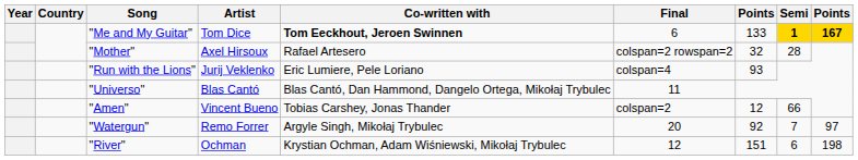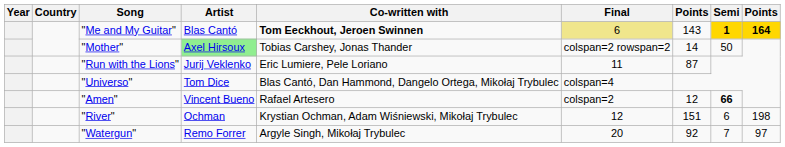 <table class="sortable wikitable plainrowheaders">
 <tr>
 <th scope="col">Year</th>
 <th scope="col">Country</th>
 <th scope="col">Song</th>
 <th scope="col">Artist</th>
 <th scope="col">Co-written with</th>
 <th scope="col">Final</th>
 <th scope="col">Points</th>
 <th scope="col">Semi</th>
 <th scope="col">Points</th>
 </tr>
 <tr>
 <th scope="row" style="text-align:center;"></th>
 <td rowspan=2></td>
 <td>"<a href='#'>Me and My Guitar</a>"</td>
-<td><a href='#'>Tom Dice</a></td>
+<td><a href='#'>Blas Cantó</a></td>
 <td><strong>Tom Eeckhout, Jeroen Swinnen</strong></td>
-<td align=center>6</td>
-<td align=center>133</td>
+<td align=center style="background: khaki;">6</td>
+<td align=center>143</td>
 <th scope="row" style="text-align:center; background:gold; align=center">1</th>
-<th scope="row" style="text-align:center; background:gold; align=center">167</th>
+<th scope="row" style="text-align:center; background:gold; align=center">164</th>
 </tr>
 <tr>
 <th scope="row" style="text-align:center;"></th>
 <td>"<a href='#'>Mother</a>"</td>
-<td><a href='#'>Axel Hirsoux</a></td>
-<td>Rafael Artesero</td>
+<td style="background: lightgreen;"><a href='#'>Axel Hirsoux</a></td>
+<td>Tobias Carshey, Jonas Thander</td>
 <td>colspan=2 rowspan=2 </td>
-<td align=center>32</td>
-<td align=center>28</td>
+<td align=center>14</td>
+<td align=center>50</td>
 </tr>
 <tr>
 <th scope="row" style="text-align:center;"></th>
 <td></td>
 <td>"<a href='#'>Run with the Lions</a>"</td>
 <td><a href='#'>Jurij Veklenko</a></td>
 <td>Eric Lumiere, Pele Loriano</td>
-<td>colspan=4 </td>
-<td align=center>93</td>
+<td align=center>11</td>
+<td align=center>87</td>
 </tr>
 <tr>
 <th scope="row" style="text-align:center;"></th>
 <td></td>
 <td>"<a href='#'>Universo</a>"</td>
-<td><a href='#'>Blas Cantó</a></td>
+<td><a href='#'>Tom Dice</a></td>
 <td>Blas Cantó, Dan Hammond, Dangelo Ortega, Mikołaj Trybulec</td>
-<td align=center>11</td>
+<td>colspan=4 </td>
 </tr>
 <tr>
 <th scope="row" style="text-align:center;"></th>
 <td></td>
 <td>"<a href='#'>Amen</a>"</td>
 <td><a href='#'>Vincent Bueno</a></td>
-<td>Tobias Carshey, Jonas Thander</td>
+<td>Rafael Artesero</td>
 <td>colspan=2 </td>
 <td align=center>12</td>
-<td align=center>66</td>
+<td align=center><strong>66</strong></td>
+</tr>
+<tr>
+<th scope="row" style="text-align:center;"></th>
+<td></td>
+<td>"<a href='#'>River</a>"</td>
+<td><a href='#'>Ochman</a></td>
+<td>Krystian Ochman, Adam Wiśniewski, Mikołaj Trybulec</td>
+<td align=center>12</td>
+<td align=center>151</td>
+<td align=center>6</td>
+<td align=center>198</td>
 </tr>
 <tr>
 <th scope="row" style="text-align:center;"></th>
 <td></td>
 <td>"<a href='#'>Watergun</a>"</td>
 <td><a href='#'>Remo Forrer</a></td>
 <td>Argyle Singh, Mikołaj Trybulec</td>
 <td align=center>20</td>
 <td align=center>92</td>
 <td align=center>7</td>
 <td align=center>97</td>
 </tr>
-<tr>
-<th scope="row" style="text-align:center;"></th>
-<td></td>
-<td>"<a href='#'>River</a>"</td>
-<td><a href='#'>Ochman</a></td>
-<td>Krystian Ochman, Adam Wiśniewski, Mikołaj Trybulec</td>
-<td align=center>12</td>
-<td align=center>151</td>
-<td align=center>6</td>
-<td align=center>198</td>
-</tr>
 </table>
